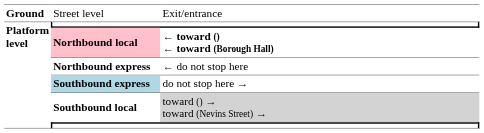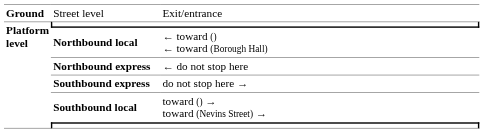 <table table border=0 cellspacing=0 cellpadding=3>
 <tr>
 <td style="border-top:solid 1px gray;" width=50><strong>Ground</strong></td>
 <td style="border-top:solid 1px gray;" width=150>Street level</td>
 <td style="border-top:solid 1px gray;" width=450>Exit/entrance<br></td>
 </tr>
 <tr>
 <td style="border-top:solid 1px gray;border-bottom:solid 1px gray;" rowspan=6 valign=top><strong>Platform level</strong></td>
 <td style="border-top:solid 1px gray;border-right:solid 2px black;border-left:solid 2px black;border-bottom:solid 2px black;text-align:center;" colspan=2></td>
 </tr>
 <tr>
-<td style="background: pink; border-bottom:solid 1px gray;"><span><strong>Northbound local</strong></span></td>
-<td style="border-bottom:solid 1px gray;"><strong>←  toward  <small>()</small><br>←  toward  <small>(Borough Hall)</small></strong></td>
+<td style="border-bottom:solid 1px gray;"><span><strong>Northbound local</strong></span></td>
+<td style="border-bottom:solid 1px gray;">←  toward  <small>()</small><br>←  toward  <small>(Borough Hall)</small></td>
 </tr>
 <tr>
 <td style="border-bottom:solid 1px gray;"><span><strong>Northbound express</strong></span></td>
 <td style="border-bottom:solid 1px gray;">←  do not stop here</td>
 </tr>
 <tr>
-<td style="background: lightblue; border-bottom:solid 1px gray;"><span><strong>Southbound express</strong></span></td>
+<td style="border-bottom:solid 1px gray;"><span><strong>Southbound express</strong></span></td>
 <td style="border-bottom:solid 1px gray;">  do not stop here →</td>
 </tr>
 <tr>
 <td><span><strong>Southbound local</strong></span></td>
-<td style="background: lightgrey;">  toward  <small>()</small> →<br>  toward  <small>(Nevins Street)</small> →</td>
+<td>  toward  <small>()</small> →<br>  toward  <small>(Nevins Street)</small> →</td>
 </tr>
 <tr>
 <td style="border-bottom:solid 1px gray;border-top:solid 2px black;border-right:solid 2px black;border-left:solid 2px black;text-align:center;" colspan=2></td>
 </tr>
 </table>
